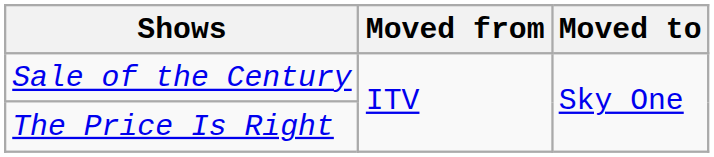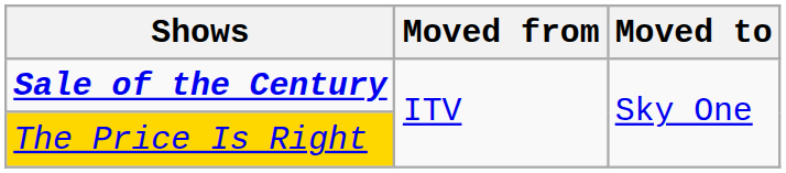 <table class="wikitable">
 <tr>
 <th>Shows</th>
 <th>Moved from</th>
 <th>Moved to</th>
 </tr>
 <tr>
-<td><em><a href='#'>Sale of the Century</a></em></td>
+<td><strong><em><a href='#'>Sale of the Century</a></em></strong></td>
 <td rowspan=12><a href='#'>ITV</a></td>
 <td rowspan=11><a href='#'>Sky One</a></td>
 </tr>
 <tr>
-<td><em><a href='#'>The Price Is Right</a></em></td>
+<td style="background: gold;"><em><a href='#'>The Price Is Right</a></em></td>
 </tr>
 </table>
